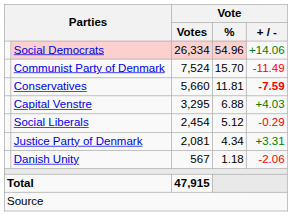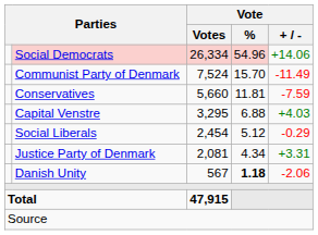 <table class="wikitable" style="text-align:right;">
 <tr>
 <th style="text-align:centre;" rowspan="2" colspan="2" width="225">Parties</th>
 <th colspan="3">Vote</th>
 </tr>
 <tr>
 <th width="15">Votes</th>
 <th width="15">%</th>
 <th width="15">+ / -</th>
 </tr>
 <tr>
 <td width="2" style="color:inherit;background:"></td>
 <td bgcolor=#fbd0ce  align="left"><a href='#'>Social Democrats</a></td>
 <td bgcolor=#fbd0ce>26,334</td>
 <td bgcolor=#fbd0ce>54.96</td>
 <td style=color:green;>+14.06</td>
 </tr>
 <tr>
 <td width="2" style="color:inherit;background:"></td>
 <td align="left"><a href='#'>Communist Party of Denmark</a></td>
 <td>7,524</td>
 <td>15.70</td>
 <td style=color:red;>-11.49</td>
 </tr>
 <tr>
 <td width="2" style="color:inherit;background:"></td>
 <td align="left"><a href='#'>Conservatives</a></td>
 <td>5,660</td>
 <td>11.81</td>
-<td style=color:red;><strong>-7.59</strong></td>
+<td style=color:red;>-7.59</td>
 </tr>
 <tr>
 <td width="2" style="color:inherit;background:"></td>
 <td align="left"><a href='#'>Capital Venstre</a></td>
 <td>3,295</td>
 <td>6.88</td>
 <td style=color:green;>+4.03</td>
 </tr>
 <tr>
 <td width="2" style="color:inherit;background:"></td>
 <td align="left"><a href='#'>Social Liberals</a></td>
 <td>2,454</td>
 <td>5.12</td>
 <td style=color:red;>-0.29</td>
 </tr>
 <tr>
 <td width="2" style="color:inherit;background:"></td>
 <td align="left"><a href='#'>Justice Party of Denmark</a></td>
 <td>2,081</td>
 <td>4.34</td>
 <td style=color:green;>+3.31</td>
 </tr>
 <tr>
 <td width="2" style="color:inherit;background:"></td>
 <td align="left"><a href='#'>Danish Unity</a></td>
 <td>567</td>
-<td>1.18</td>
+<td><strong>1.18</strong></td>
 <td style=color:red;>-2.06</td>
 </tr>
 <tr>
 <td colspan="7" bgcolor="#E9E9E9"></td>
 </tr>
 <tr>
 <td align="left" colspan="2"><strong>Total</strong></td>
 <td><strong>47,915</strong></td>
 <td bgcolor="#E9E9E9" colspan="2"></td>
 </tr>
 <tr>
 <td align="left" colspan="6">Source</td>
 </tr>
 </table>
